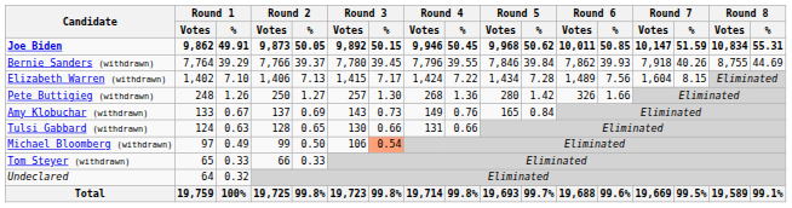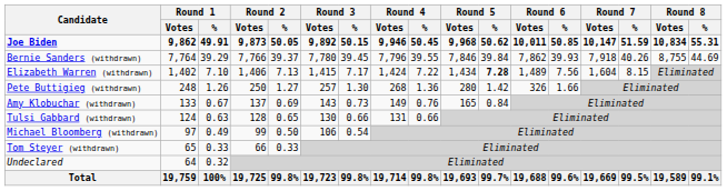 <table class="wikitable sortable" style="text-align:right;">
 <tr>
 <th rowspan="2" style="text-align:center;">Candidate</th>
 <th colspan="2">Round 1</th>
 <th colspan="2">Round 2</th>
 <th colspan="2">Round 3</th>
 <th colspan="2">Round 4</th>
 <th colspan="2">Round 5</th>
 <th colspan="2">Round 6</th>
 <th colspan="2">Round 7</th>
 <th colspan="2">Round 8</th>
 </tr>
 <tr>
 <th>Votes</th>
 <th>%</th>
 <th>Votes</th>
 <th>%</th>
 <th>Votes</th>
 <th>%</th>
 <th>Votes</th>
 <th>%</th>
 <th>Votes</th>
 <th>%</th>
 <th>Votes</th>
 <th>%</th>
 <th>Votes</th>
 <th>%</th>
 <th>Votes</th>
 <th>%</th>
 </tr>
 <tr>
 <td style="text-align:left;" data-sort-value="Biden, Joe"><strong><a href='#'>Joe Biden</a></strong></td>
 <td><strong>9,862</strong></td>
 <td><strong>49.91</strong></td>
 <td><strong>9,873</strong></td>
 <td><strong>50.05</strong></td>
 <td><strong>9,892</strong></td>
 <td><strong>50.15</strong></td>
 <td><strong>9,946</strong></td>
 <td><strong>50.45</strong></td>
 <td><strong>9,968</strong></td>
 <td><strong>50.62</strong></td>
 <td><strong>10,011</strong></td>
 <td><strong>50.85</strong></td>
 <td><strong>10,147</strong></td>
 <td><strong>51.59</strong></td>
 <td><strong>10,834</strong></td>
 <td><strong>55.31</strong></td>
 </tr>
 <tr>
 <td style="text-align:left;" data-sort-value="Sanders, Bernie"><a href='#'>Bernie Sanders</a> <small>(withdrawn)</small></td>
 <td>7,764</td>
 <td>39.29</td>
 <td>7,766</td>
 <td>39.37</td>
 <td>7,780</td>
 <td>39.45</td>
 <td>7,796</td>
 <td>39.55</td>
 <td>7,846</td>
 <td>39.84</td>
 <td>7,862</td>
 <td>39.93</td>
 <td>7,918</td>
 <td>40.26</td>
 <td>8,755</td>
 <td>44.69</td>
 </tr>
 <tr>
 <td style="text-align:left;" data-sort-value="Warren, Elizabeth"><a href='#'>Elizabeth Warren</a> <small>(withdrawn)</small></td>
 <td>1,402</td>
 <td>7.10</td>
 <td>1,406</td>
 <td>7.13</td>
 <td>1,415</td>
 <td>7.17</td>
 <td>1,424</td>
 <td>7.22</td>
 <td>1,434</td>
-<td>7.28</td>
+<td><strong>7.28</strong></td>
 <td>1,489</td>
 <td>7.56</td>
 <td>1,604</td>
 <td>8.15</td>
 <td colspan="2" bgcolor="lightgray" align="center"><em>Eliminated</em></td>
 </tr>
 <tr>
 <td style="text-align:left;" data-sort-value="Buttigieg, Pete"><a href='#'>Pete Buttigieg</a> <small>(withdrawn)</small></td>
 <td>248</td>
 <td>1.26</td>
 <td>250</td>
 <td>1.27</td>
 <td>257</td>
 <td>1.30</td>
 <td>268</td>
 <td>1.36</td>
 <td>280</td>
 <td>1.42</td>
 <td>326</td>
 <td>1.66</td>
 <td colspan="4" bgcolor="lightgray" align="center"><em>Eliminated</em></td>
 </tr>
 <tr>
 <td style="text-align:left;" data-sort-value="Klobuchar, Amy"><a href='#'>Amy Klobuchar</a> <small>(withdrawn)</small></td>
 <td>133</td>
 <td>0.67</td>
 <td>137</td>
 <td>0.69</td>
 <td>143</td>
 <td>0.73</td>
 <td>149</td>
 <td>0.76</td>
 <td>165</td>
 <td>0.84</td>
 <td colspan="6" bgcolor="lightgray" align="center"><em>Eliminated</em></td>
 </tr>
 <tr>
 <td style="text-align:left;" data-sort-value="Gabbard, Tulsi"><a href='#'>Tulsi Gabbard</a> <small>(withdrawn)</small></td>
 <td>124</td>
 <td>0.63</td>
 <td>128</td>
 <td>0.65</td>
 <td>130</td>
 <td>0.66</td>
 <td>131</td>
 <td>0.66</td>
 <td colspan="8" bgcolor="lightgray" align="center"><em>Eliminated</em></td>
 </tr>
 <tr>
 <td style="text-align:left;" data-sort-value="Bloomberg, Michael"><a href='#'>Michael Bloomberg</a> <small>(withdrawn)</small></td>
 <td>97</td>
 <td>0.49</td>
 <td>99</td>
 <td>0.50</td>
 <td>106</td>
-<td style="background: lightsalmon;">0.54</td>
+<td>0.54</td>
 <td colspan="10" bgcolor="lightgray" align="center"><em>Eliminated</em></td>
 </tr>
 <tr>
 <td style="text-align:left;" data-sort-value="Steyer, Tom"><a href='#'>Tom Steyer</a> <small>(withdrawn)</small></td>
 <td>65</td>
 <td>0.33</td>
 <td>66</td>
 <td>0.33</td>
 <td colspan="12" bgcolor="lightgray" align="center"><em>Eliminated</em></td>
 </tr>
 <tr>
 <td style="text-align:left;" data-sort-value="ZZ"><em>Undeclared</em></td>
 <td>64</td>
 <td>0.32</td>
 <td colspan="14" bgcolor="lightgray" align="center"><em>Eliminated</em></td>
 </tr>
 <tr>
 <th>Total</th>
 <th>19,759</th>
 <th>100%</th>
 <th>19,725</th>
 <th>99.8%</th>
 <th>19,723</th>
 <th>99.8%</th>
 <th>19,714</th>
 <th>99.8%</th>
 <th>19,693</th>
 <th>99.7%</th>
 <th>19,688</th>
 <th>99.6%</th>
 <th>19,669</th>
 <th>99.5%</th>
 <th>19,589</th>
 <th>99.1%</th>
 </tr>
 </table>
